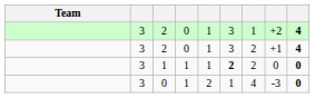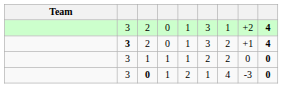 <table class="wikitable" style="text-align: center;">
 <tr>
 <th width=175>Team</th>
 <th width=25></th>
 <th width=25></th>
 <th width=25></th>
 <th width=25></th>
 <th width=25></th>
 <th width=25></th>
 <th width=25></th>
 <th width=25></th>
 </tr>
 <tr bgcolor=ccffcc>
 <td style="text-align:left;"></td>
 <td>3</td>
 <td>2</td>
 <td>0</td>
 <td>1</td>
 <td>3</td>
 <td>1</td>
 <td>+2</td>
 <td><strong>4</strong></td>
 </tr>
 <tr>
 <td style="text-align:left;"></td>
-<td>3</td>
+<td><strong>3</strong></td>
 <td>2</td>
 <td>0</td>
 <td>1</td>
 <td>3</td>
 <td>2</td>
 <td>+1</td>
 <td><strong>4</strong></td>
 </tr>
 <tr>
 <td style="text-align:left;"></td>
 <td>3</td>
 <td>1</td>
 <td>1</td>
 <td>1</td>
-<td><strong>2</strong></td>
+<td>2</td>
 <td>2</td>
 <td>0</td>
 <td><strong>0</strong></td>
 </tr>
 <tr>
 <td style="text-align:left;"></td>
 <td>3</td>
-<td>0</td>
+<td><strong>0</strong></td>
 <td>1</td>
 <td>2</td>
 <td>1</td>
 <td>4</td>
 <td>-3</td>
 <td><strong>0</strong></td>
 </tr>
 </table>
